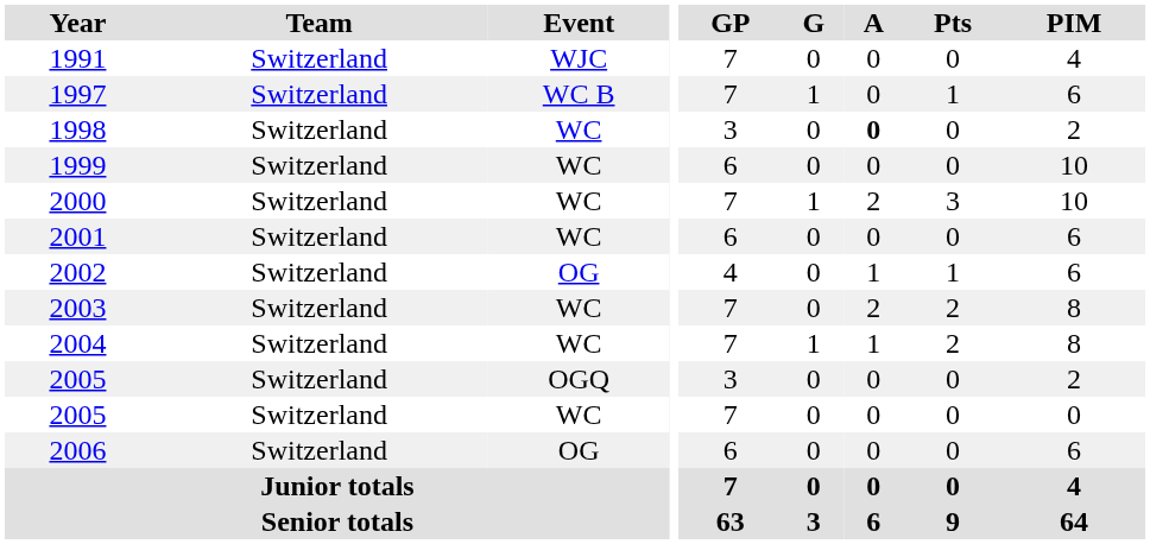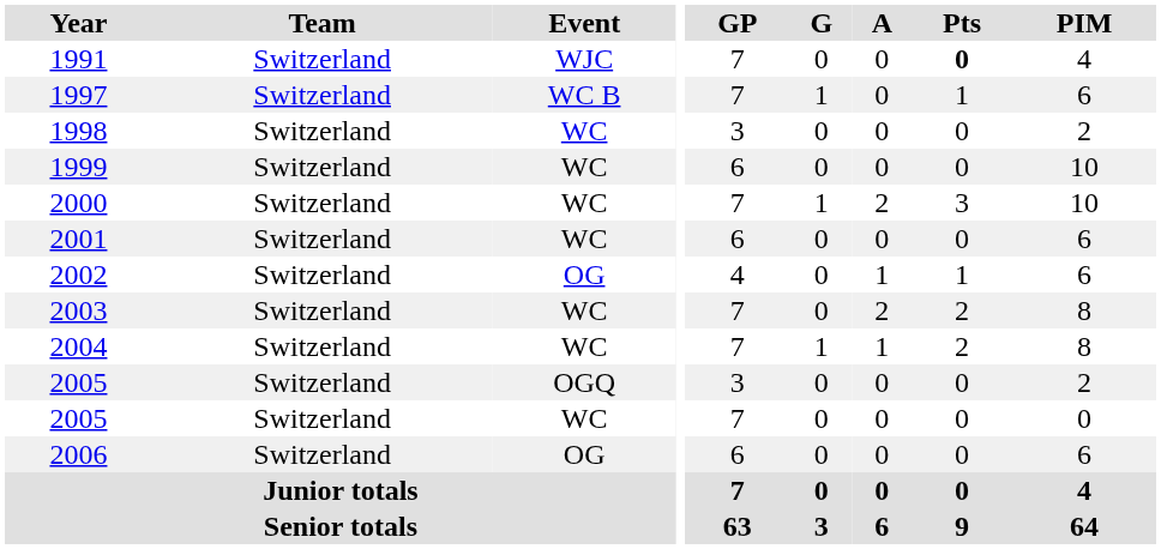 <table border="0" cellpadding="1" cellspacing="0" ID="Table3" style="text-align:center; width:40em">
 <tr ALIGN="center" bgcolor="#e0e0e0">
 <th>Year</th>
 <th>Team</th>
 <th>Event</th>
 <th rowspan="99" bgcolor="#ffffff"></th>
 <th>GP</th>
 <th>G</th>
 <th>A</th>
 <th>Pts</th>
 <th>PIM</th>
 </tr>
 <tr>
 <td><a href='#'>1991</a></td>
 <td><a href='#'>Switzerland</a></td>
 <td><a href='#'>WJC</a></td>
 <td>7</td>
 <td>0</td>
 <td>0</td>
-<td>0</td>
+<td><strong>0</strong></td>
 <td>4</td>
 </tr>
 <tr bgcolor="#f0f0f0">
 <td><a href='#'>1997</a></td>
 <td><a href='#'>Switzerland</a></td>
 <td><a href='#'>WC B</a></td>
 <td>7</td>
 <td>1</td>
 <td>0</td>
 <td>1</td>
 <td>6</td>
 </tr>
 <tr>
 <td><a href='#'>1998</a></td>
 <td>Switzerland</td>
 <td><a href='#'>WC</a></td>
 <td>3</td>
 <td>0</td>
-<td><strong>0</strong></td>
+<td>0</td>
 <td>0</td>
 <td>2</td>
 </tr>
 <tr bgcolor="#f0f0f0">
 <td><a href='#'>1999</a></td>
 <td>Switzerland</td>
 <td>WC</td>
 <td>6</td>
 <td>0</td>
 <td>0</td>
 <td>0</td>
 <td>10</td>
 </tr>
 <tr>
 <td><a href='#'>2000</a></td>
 <td>Switzerland</td>
 <td>WC</td>
 <td>7</td>
 <td>1</td>
 <td>2</td>
 <td>3</td>
 <td>10</td>
 </tr>
 <tr bgcolor="#f0f0f0">
 <td><a href='#'>2001</a></td>
 <td>Switzerland</td>
 <td>WC</td>
 <td>6</td>
 <td>0</td>
 <td>0</td>
 <td>0</td>
 <td>6</td>
 </tr>
 <tr>
 <td><a href='#'>2002</a></td>
 <td>Switzerland</td>
 <td><a href='#'>OG</a></td>
 <td>4</td>
 <td>0</td>
 <td>1</td>
 <td>1</td>
 <td>6</td>
 </tr>
 <tr bgcolor="#f0f0f0">
 <td><a href='#'>2003</a></td>
 <td>Switzerland</td>
 <td>WC</td>
 <td>7</td>
 <td>0</td>
 <td>2</td>
 <td>2</td>
 <td>8</td>
 </tr>
 <tr>
 <td><a href='#'>2004</a></td>
 <td>Switzerland</td>
 <td>WC</td>
 <td>7</td>
 <td>1</td>
 <td>1</td>
 <td>2</td>
 <td>8</td>
 </tr>
 <tr bgcolor="#f0f0f0">
 <td><a href='#'>2005</a></td>
 <td>Switzerland</td>
 <td>OGQ</td>
 <td>3</td>
 <td>0</td>
 <td>0</td>
 <td>0</td>
 <td>2</td>
 </tr>
 <tr>
 <td><a href='#'>2005</a></td>
 <td>Switzerland</td>
 <td>WC</td>
 <td>7</td>
 <td>0</td>
 <td>0</td>
 <td>0</td>
 <td>0</td>
 </tr>
 <tr bgcolor="#f0f0f0">
 <td><a href='#'>2006</a></td>
 <td>Switzerland</td>
 <td>OG</td>
 <td>6</td>
 <td>0</td>
 <td>0</td>
 <td>0</td>
 <td>6</td>
 </tr>
 <tr style="background: #e0e0e0;">
 <th colspan="3">Junior totals</th>
 <th>7</th>
 <th>0</th>
 <th>0</th>
 <th>0</th>
 <th>4</th>
 </tr>
 <tr style="background: #e0e0e0;">
 <th colspan="3">Senior totals</th>
 <th>63</th>
 <th>3</th>
 <th>6</th>
 <th>9</th>
 <th>64</th>
 </tr>
 </table>
